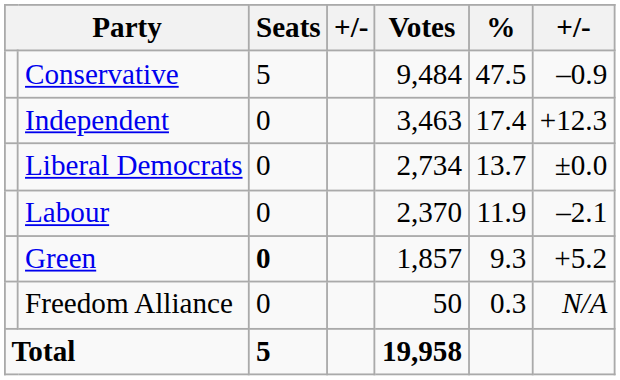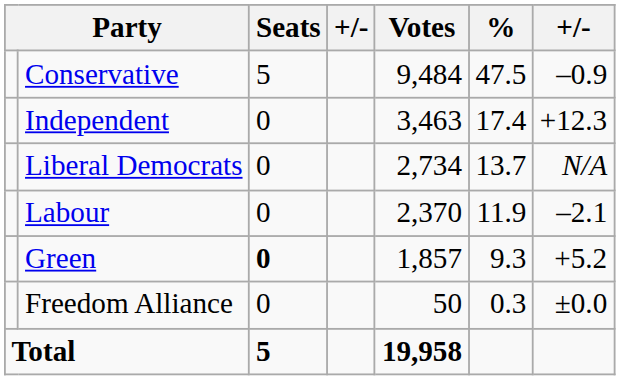 <table class="wikitable sortable">
 <tr>
 <th colspan="2">Party</th>
 <th>Seats</th>
 <th>+/-</th>
 <th>Votes</th>
 <th>%</th>
 <th>+/-</th>
 </tr>
 <tr>
 <td style="background-color: "></td>
 <td><a href='#'>Conservative</a></td>
 <td>5</td>
 <td></td>
 <td style="text-align:right;">9,484</td>
 <td style="text-align:right;">47.5</td>
 <td style="text-align:right;">–0.9</td>
 </tr>
 <tr>
 <td style="background-color: "></td>
 <td><a href='#'>Independent</a></td>
 <td>0</td>
 <td></td>
 <td style="text-align:right;">3,463</td>
 <td style="text-align:right;">17.4</td>
 <td style="text-align:right;">+12.3</td>
 </tr>
 <tr>
 <td style="background-color: "></td>
 <td><a href='#'>Liberal Democrats</a></td>
 <td>0</td>
 <td></td>
 <td style="text-align:right;">2,734</td>
 <td style="text-align:right;">13.7</td>
-<td style="text-align:right;">±0.0</td>
+<td style="text-align:right;"><em>N/A</em></td>
 </tr>
 <tr>
 <td style="background-color: "></td>
 <td><a href='#'>Labour</a></td>
 <td>0</td>
 <td></td>
 <td style="text-align:right;">2,370</td>
 <td style="text-align:right;">11.9</td>
 <td style="text-align:right;">–2.1</td>
 </tr>
 <tr>
 <td style="background-color: "></td>
 <td><a href='#'>Green</a></td>
 <td><strong>0</strong></td>
 <td></td>
 <td style="text-align:right;">1,857</td>
 <td style="text-align:right;">9.3</td>
 <td style="text-align:right;">+5.2</td>
 </tr>
 <tr>
 <td style="background-color: "></td>
 <td>Freedom Alliance</td>
 <td>0</td>
 <td></td>
 <td style="text-align:right;">50</td>
 <td style="text-align:right;">0.3</td>
-<td style="text-align:right;"><em>N/A</em></td>
+<td style="text-align:right;">±0.0</td>
 </tr>
 <tr>
 <td colspan="2"><strong>Total</strong></td>
 <td><strong>5</strong></td>
 <td></td>
 <td style="text-align:right;"><strong>19,958</strong></td>
 <td style="text-align:right;"></td>
 <td style="text-align:right;"></td>
 </tr>
 </table>
